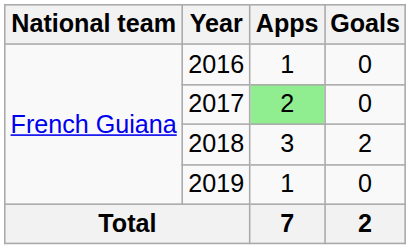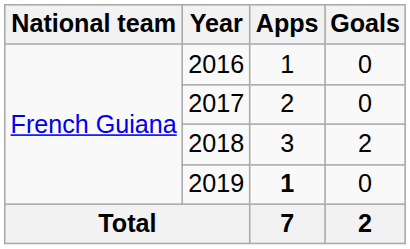 <table class="wikitable" style="text-align:center">
 <tr>
 <th>National team</th>
 <th>Year</th>
 <th>Apps</th>
 <th>Goals</th>
 </tr>
 <tr>
 <td rowspan="4"><a href='#'>French Guiana</a></td>
 <td>2016</td>
 <td>1</td>
 <td>0</td>
 </tr>
 <tr>
 <td>2017</td>
-<td style="background: lightgreen;">2</td>
+<td>2</td>
 <td>0</td>
 </tr>
 <tr>
 <td>2018</td>
 <td>3</td>
 <td>2</td>
 </tr>
 <tr>
 <td>2019</td>
-<td>1</td>
+<td><strong>1</strong></td>
 <td>0</td>
 </tr>
 <tr>
 <th colspan=2>Total</th>
 <th>7</th>
 <th>2</th>
 </tr>
 </table>
